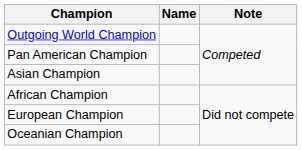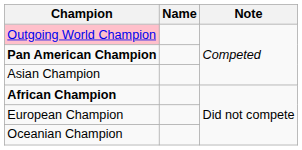 <table class="wikitable">
 <tr>
 <th>Champion</th>
 <th>Name</th>
 <th>Note</th>
 </tr>
 <tr>
-<td><a href='#'>Outgoing World Champion</a></td>
+<td style="background: pink;"><a href='#'>Outgoing World Champion</a></td>
 <td></td>
 <td rowspan=3><em>Competed</em></td>
 </tr>
 <tr>
-<td>Pan American Champion</td>
+<td><strong>Pan American Champion</strong></td>
 <td></td>
 </tr>
 <tr>
 <td>Asian Champion</td>
 <td></td>
 </tr>
 <tr>
-<td>African Champion</td>
+<td><strong>African Champion</strong></td>
 <td></td>
 <td rowspan=3>Did not compete</td>
 </tr>
 <tr>
 <td>European Champion</td>
 <td></td>
 </tr>
 <tr>
 <td>Oceanian Champion</td>
 <td></td>
 </tr>
 </table>
